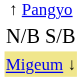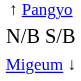 <table style="text-align:center;">
 <tr>
 <td><small>↑ <a href='#'>Pangyo</a></small></td>
 </tr>
 <tr>
 <td><span>N/B</span>   <span>S/B</span></td>
 </tr>
 <tr>
-<td style="background: khaki;"><small> <a href='#'>Migeum</a> ↓ </small></td>
+<td><small> <a href='#'>Migeum</a> ↓ </small></td>
 </tr>
 </table>
